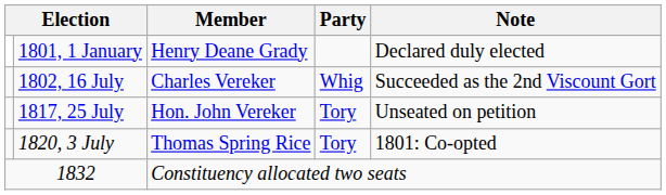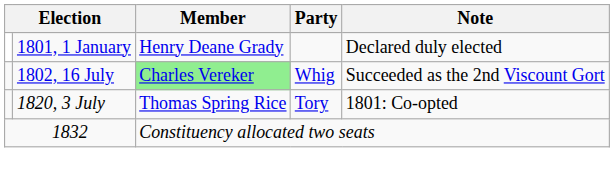 <table class="wikitable">
 <tr>
 <th colspan="2">Election</th>
 <th>Member</th>
 <th>Party</th>
 <th>Note</th>
 </tr>
 <tr>
 <td style="color:inherit;background-color: white"></td>
 <td><a href='#'>1801, 1 January</a></td>
 <td><a href='#'>Henry Deane Grady</a></td>
 <td></td>
 <td>Declared duly elected</td>
 </tr>
 <tr>
 <td style="color:inherit;background-color: "></td>
 <td><a href='#'>1802, 16 July</a></td>
-<td><a href='#'>Charles Vereker</a></td>
+<td style="background: lightgreen;"><a href='#'>Charles Vereker</a></td>
 <td><a href='#'>Whig</a></td>
 <td>Succeeded as the 2nd <a href='#'>Viscount Gort</a></td>
-</tr>
-<tr>
-<td style="color:inherit;background-color: "></td>
-<td><a href='#'>1817, 25 July</a></td>
-<td><a href='#'>Hon. John Vereker</a></td>
-<td><a href='#'>Tory</a></td>
-<td>Unseated on petition</td>
 </tr>
 <tr>
 <td style="color:inherit;background-color: "></td>
 <td><em>1820, 3 July</em></td>
 <td><a href='#'>Thomas Spring Rice</a></td>
 <td><a href='#'>Tory</a></td>
 <td>1801: Co-opted</td>
 </tr>
 <tr>
 <td colspan="2" align="center"><em>1832</em></td>
 <td colspan="3"><em>Constituency allocated two seats</em></td>
 </tr>
 </table>
